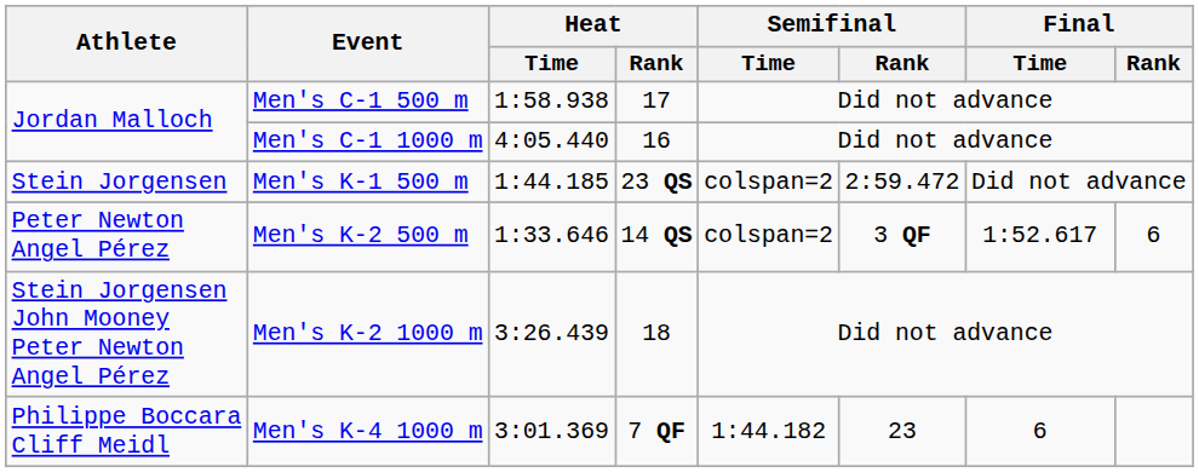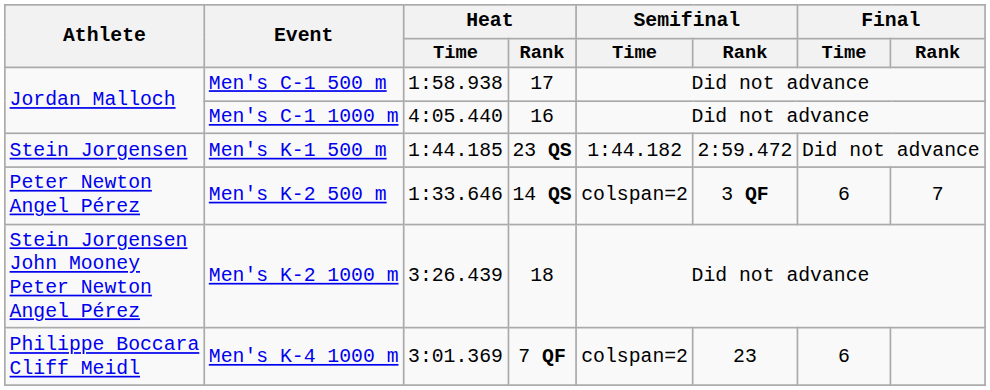 <table class=wikitable style=font-size:90%;text-align:center>
 <tr>
 <th rowspan=2>Athlete</th>
 <th rowspan=2>Event</th>
 <th colspan=2>Heat</th>
 <th colspan=2>Semifinal</th>
 <th colspan=2>Final</th>
 </tr>
 <tr style=font-size:95%>
 <th>Time</th>
 <th>Rank</th>
 <th>Time</th>
 <th>Rank</th>
 <th>Time</th>
 <th>Rank</th>
 </tr>
 <tr>
 <td rowspan=2 align=left><a href='#'>Jordan Malloch</a></td>
 <td align=left><a href='#'>Men's C-1 500 m</a></td>
 <td>1:58.938</td>
 <td>17</td>
 <td colspan=4>Did not advance</td>
 </tr>
 <tr>
 <td align=left><a href='#'>Men's C-1 1000 m</a></td>
 <td>4:05.440</td>
 <td>16</td>
 <td colspan=4>Did not advance</td>
 </tr>
 <tr>
 <td align=left><a href='#'>Stein Jorgensen</a></td>
 <td align=left><a href='#'>Men's K-1 500 m</a></td>
 <td>1:44.185</td>
 <td>23 <strong>QS</strong></td>
-<td>colspan=2 </td>
+<td>1:44.182</td>
 <td>2:59.472</td>
 <td colspan=2>Did not advance</td>
 </tr>
 <tr>
 <td align=left><a href='#'>Peter Newton</a><br><a href='#'>Angel Pérez</a></td>
 <td align=left><a href='#'>Men's K-2 500 m</a></td>
 <td>1:33.646</td>
 <td>14 <strong>QS</strong></td>
 <td>colspan=2 </td>
 <td>3 <strong>QF</strong></td>
-<td>1:52.617</td>
 <td>6</td>
+<td>7</td>
 </tr>
 <tr>
 <td align=left><a href='#'>Stein Jorgensen</a><br><a href='#'>John Mooney</a><br><a href='#'>Peter Newton</a><br><a href='#'>Angel Pérez</a></td>
 <td align=left><a href='#'>Men's K-2 1000 m</a></td>
 <td>3:26.439</td>
 <td>18</td>
 <td colspan=4>Did not advance</td>
 </tr>
 <tr>
 <td align=left><a href='#'>Philippe Boccara</a><br><a href='#'>Cliff Meidl</a></td>
 <td align=left><a href='#'>Men's K-4 1000 m</a></td>
 <td>3:01.369</td>
 <td>7 <strong>QF</strong></td>
-<td>1:44.182</td>
+<td>colspan=2 </td>
 <td>23</td>
 <td>6</td>
 </tr>
 </table>
